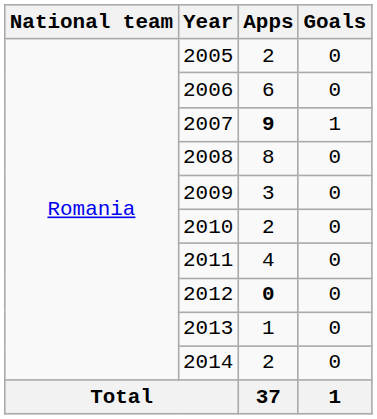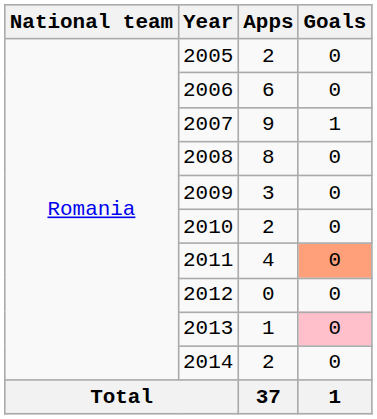 <table class="wikitable" style="text-align:center">
 <tr>
 <th>National team</th>
 <th>Year</th>
 <th>Apps</th>
 <th>Goals</th>
 </tr>
 <tr>
 <td rowspan="10"><a href='#'>Romania</a></td>
 <td>2005</td>
 <td>2</td>
 <td>0</td>
 </tr>
 <tr>
 <td>2006</td>
 <td>6</td>
 <td>0</td>
 </tr>
 <tr>
 <td>2007</td>
-<td><strong>9</strong></td>
+<td>9</td>
 <td>1</td>
 </tr>
 <tr>
 <td>2008</td>
 <td>8</td>
 <td>0</td>
 </tr>
 <tr>
 <td>2009</td>
 <td>3</td>
 <td>0</td>
 </tr>
 <tr>
 <td>2010</td>
 <td>2</td>
 <td>0</td>
 </tr>
 <tr>
 <td>2011</td>
 <td>4</td>
-<td>0</td>
+<td style="background: lightsalmon;">0</td>
 </tr>
 <tr>
 <td>2012</td>
-<td><strong>0</strong></td>
+<td>0</td>
 <td>0</td>
 </tr>
 <tr>
 <td>2013</td>
 <td>1</td>
-<td>0</td>
+<td style="background: pink;">0</td>
 </tr>
 <tr>
 <td>2014</td>
 <td>2</td>
 <td>0</td>
 </tr>
 <tr>
 <th colspan="2">Total</th>
 <th>37</th>
 <th>1</th>
 </tr>
 </table>
